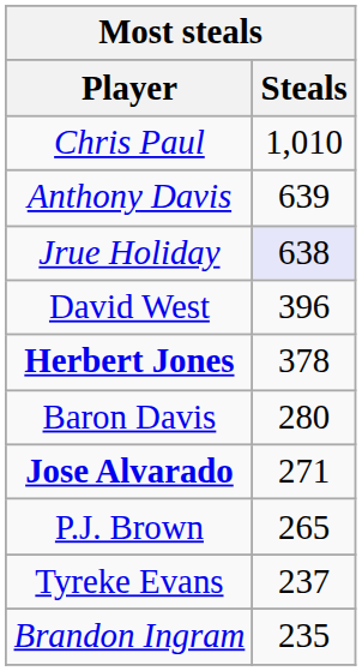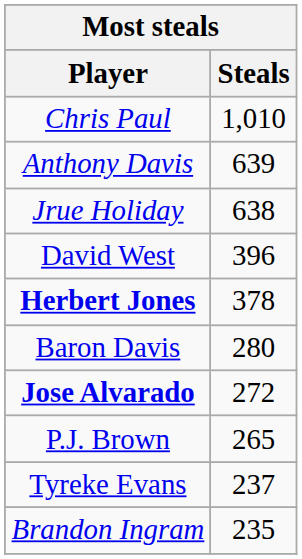 <table class="wikitable sortable" style="text-align:center">
 <tr>
 <th colspan="5">Most steals</th>
 </tr>
 <tr>
 <th>Player</th>
 <th>Steals</th>
 </tr>
 <tr>
 <td><em><a href='#'>Chris Paul</a></em></td>
 <td>1,010</td>
 </tr>
 <tr>
 <td><em><a href='#'>Anthony Davis</a></em></td>
 <td>639</td>
 </tr>
 <tr>
 <td><em><a href='#'>Jrue Holiday</a></em></td>
-<td style="background: lavender;">638</td>
+<td>638</td>
 </tr>
 <tr>
 <td><a href='#'>David West</a></td>
 <td>396</td>
 </tr>
 <tr>
 <td><strong><a href='#'>Herbert Jones</a></strong></td>
 <td>378</td>
 </tr>
 <tr>
 <td><a href='#'>Baron Davis</a></td>
 <td>280</td>
 </tr>
 <tr>
 <td><strong><a href='#'>Jose Alvarado</a></strong></td>
-<td>271</td>
+<td>272</td>
 </tr>
 <tr>
 <td><a href='#'>P.J. Brown</a></td>
 <td>265</td>
 </tr>
 <tr>
 <td><a href='#'>Tyreke Evans</a></td>
 <td>237</td>
 </tr>
 <tr>
 <td><em><a href='#'>Brandon Ingram</a></em></td>
 <td>235</td>
 </tr>
 </table>
